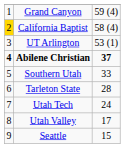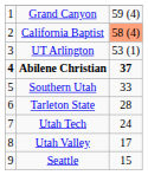 <table class="wikitable" border="1">
 <tr align=center>
 </tr>
 <tr align="center">
 <td>1</td>
 <td><a href='#'>Grand Canyon</a></td>
 <td>59 (4)</td>
 </tr>
 <tr align="center">
-<td style="background: gold;">2</td>
+<td>2</td>
 <td><a href='#'>California Baptist</a></td>
-<td>58 (4)</td>
+<td style="background: lightsalmon;">58 (4)</td>
 </tr>
 <tr align="center">
 <td>3</td>
 <td><a href='#'>UT Arlington</a></td>
 <td>53 (1)</td>
 </tr>
 <tr align="center">
 <td><strong>4</strong></td>
 <td><strong>Abilene Christian</strong></td>
 <td><strong>37</strong></td>
 </tr>
 <tr align="center">
 <td>5</td>
 <td><a href='#'>Southern Utah</a></td>
 <td>33</td>
 </tr>
 <tr align="center">
 <td>6</td>
 <td><a href='#'>Tarleton State</a></td>
 <td>28</td>
 </tr>
 <tr align="center">
 <td>7</td>
 <td><a href='#'>Utah Tech</a></td>
 <td>24</td>
 </tr>
 <tr align="center">
 <td>8</td>
 <td><a href='#'>Utah Valley</a></td>
 <td>17</td>
 </tr>
 <tr align="center">
 <td>9</td>
 <td><a href='#'>Seattle</a></td>
 <td>15</td>
 </tr>
 </table>
